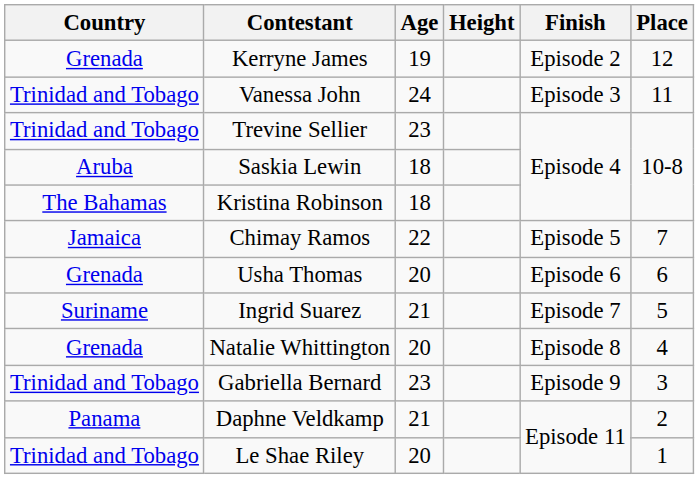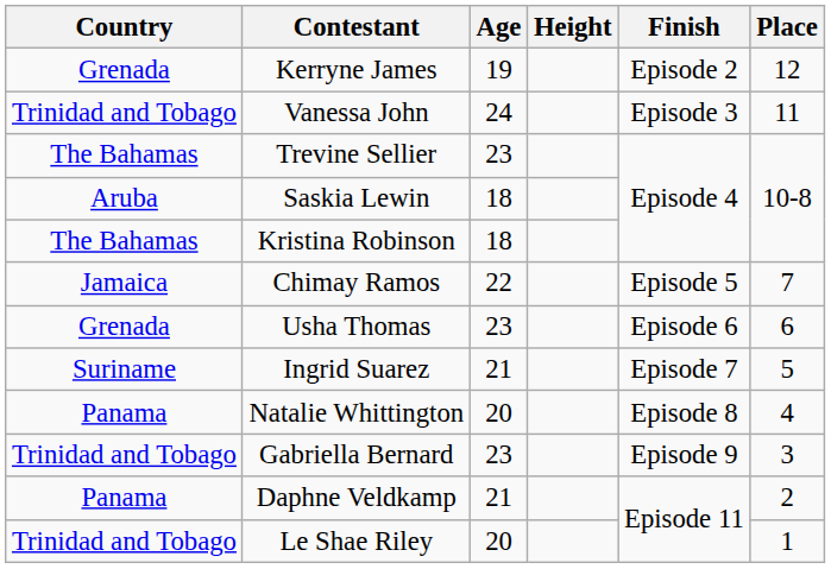 <table class="wikitable sortable" style="text-align:center;">
 <tr>
 <th>Country</th>
 <th>Contestant</th>
 <th>Age</th>
 <th>Height</th>
 <th>Finish</th>
 <th>Place</th>
 </tr>
 <tr>
 <td><a href='#'>Grenada</a></td>
 <td>Kerryne James</td>
 <td>19</td>
 <td></td>
 <td>Episode 2</td>
 <td>12</td>
 </tr>
 <tr>
 <td><a href='#'>Trinidad and Tobago</a></td>
 <td>Vanessa John</td>
 <td>24</td>
 <td></td>
 <td>Episode 3</td>
 <td>11</td>
 </tr>
 <tr>
-<td><a href='#'>Trinidad and Tobago</a></td>
+<td><a href='#'>The Bahamas</a></td>
 <td>Trevine Sellier</td>
 <td>23</td>
 <td></td>
 <td rowspan="3">Episode 4</td>
 <td rowspan="3">10-8</td>
 </tr>
 <tr>
 <td><a href='#'>Aruba</a></td>
 <td>Saskia Lewin</td>
 <td>18</td>
 <td></td>
 </tr>
 <tr>
 <td><a href='#'>The Bahamas</a></td>
 <td>Kristina Robinson</td>
 <td>18</td>
 <td></td>
 </tr>
 <tr>
 <td><a href='#'>Jamaica</a></td>
 <td>Chimay Ramos</td>
 <td>22</td>
 <td></td>
 <td>Episode 5</td>
 <td>7</td>
 </tr>
 <tr>
 <td><a href='#'>Grenada</a></td>
 <td>Usha Thomas</td>
-<td>20</td>
+<td>23</td>
 <td></td>
 <td>Episode 6</td>
 <td>6</td>
 </tr>
 <tr>
 <td><a href='#'>Suriname</a></td>
 <td>Ingrid Suarez</td>
 <td>21</td>
 <td></td>
 <td>Episode 7</td>
 <td>5</td>
 </tr>
 <tr>
-<td><a href='#'>Grenada</a></td>
+<td><a href='#'>Panama</a></td>
 <td>Natalie Whittington</td>
 <td>20</td>
 <td></td>
 <td>Episode 8</td>
 <td>4</td>
 </tr>
 <tr>
 <td><a href='#'>Trinidad and Tobago</a></td>
 <td>Gabriella Bernard</td>
 <td>23</td>
 <td></td>
 <td>Episode 9</td>
 <td>3</td>
 </tr>
 <tr>
 <td><a href='#'>Panama</a></td>
 <td>Daphne Veldkamp</td>
 <td>21</td>
 <td></td>
 <td rowspan="2">Episode 11</td>
 <td>2</td>
 </tr>
 <tr>
 <td><a href='#'>Trinidad and Tobago</a></td>
 <td>Le Shae Riley</td>
 <td>20</td>
 <td></td>
 <td>1</td>
 </tr>
 </table>
